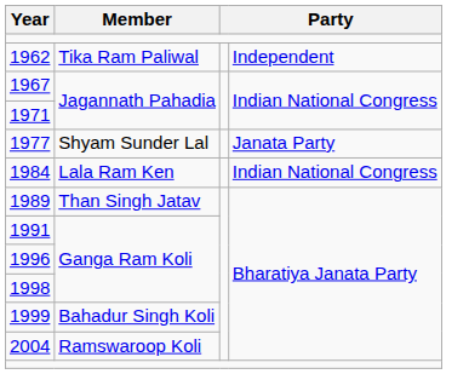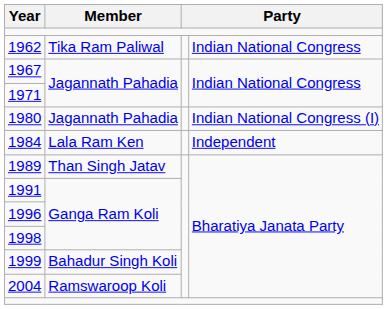 <table class="wikitable">
 <tr>
 <th>Year</th>
 <th>Member</th>
 <th colspan="2">Party</th>
 </tr>
 <tr>
 <td colspan="4"></td>
 </tr>
 <tr>
 <td><a href='#'>1962</a></td>
 <td><a href='#'>Tika Ram Paliwal</a></td>
 <td style="background-color: "></td>
-<td><a href='#'>Independent</a></td>
+<td><a href='#'>Indian National Congress</a></td>
 </tr>
 <tr>
 <td><a href='#'>1967</a></td>
 <td rowspan="2"><a href='#'>Jagannath Pahadia</a></td>
 <td rowspan="2" style="background-color: "></td>
 <td rowspan="2"><a href='#'>Indian National Congress</a></td>
 </tr>
 <tr>
 <td><a href='#'>1971</a></td>
 </tr>
 <tr>
-<td><a href='#'>1977</a></td>
-<td>Shyam Sunder Lal</td>
+<td><a href='#'>1980</a></td>
+<td><a href='#'>Jagannath Pahadia</a></td>
 <td style="background-color: "></td>
-<td><a href='#'>Janata Party</a></td>
+<td><a href='#'>Indian National Congress (I)</a></td>
 </tr>
 <tr>
 <td><a href='#'>1984</a></td>
 <td><a href='#'>Lala Ram Ken</a></td>
 <td style="background-color: "></td>
-<td><a href='#'>Indian National Congress</a></td>
+<td><a href='#'>Independent</a></td>
 </tr>
 <tr>
 <td><a href='#'>1989</a></td>
 <td><a href='#'>Than Singh Jatav</a></td>
 <td rowspan="6" style="background-color: "></td>
 <td rowspan="6"><a href='#'>Bharatiya Janata Party</a></td>
 </tr>
 <tr>
 <td><a href='#'>1991</a></td>
 <td rowspan="3"><a href='#'>Ganga Ram Koli</a></td>
 </tr>
 <tr>
 <td><a href='#'>1996</a></td>
 </tr>
 <tr>
 <td><a href='#'>1998</a></td>
 </tr>
 <tr>
 <td><a href='#'>1999</a></td>
 <td><a href='#'>Bahadur Singh Koli</a></td>
 </tr>
 <tr>
 <td><a href='#'>2004</a></td>
 <td><a href='#'>Ramswaroop Koli</a></td>
 </tr>
 <tr>
 <td colspan="4"></td>
 </tr>
 </table>
